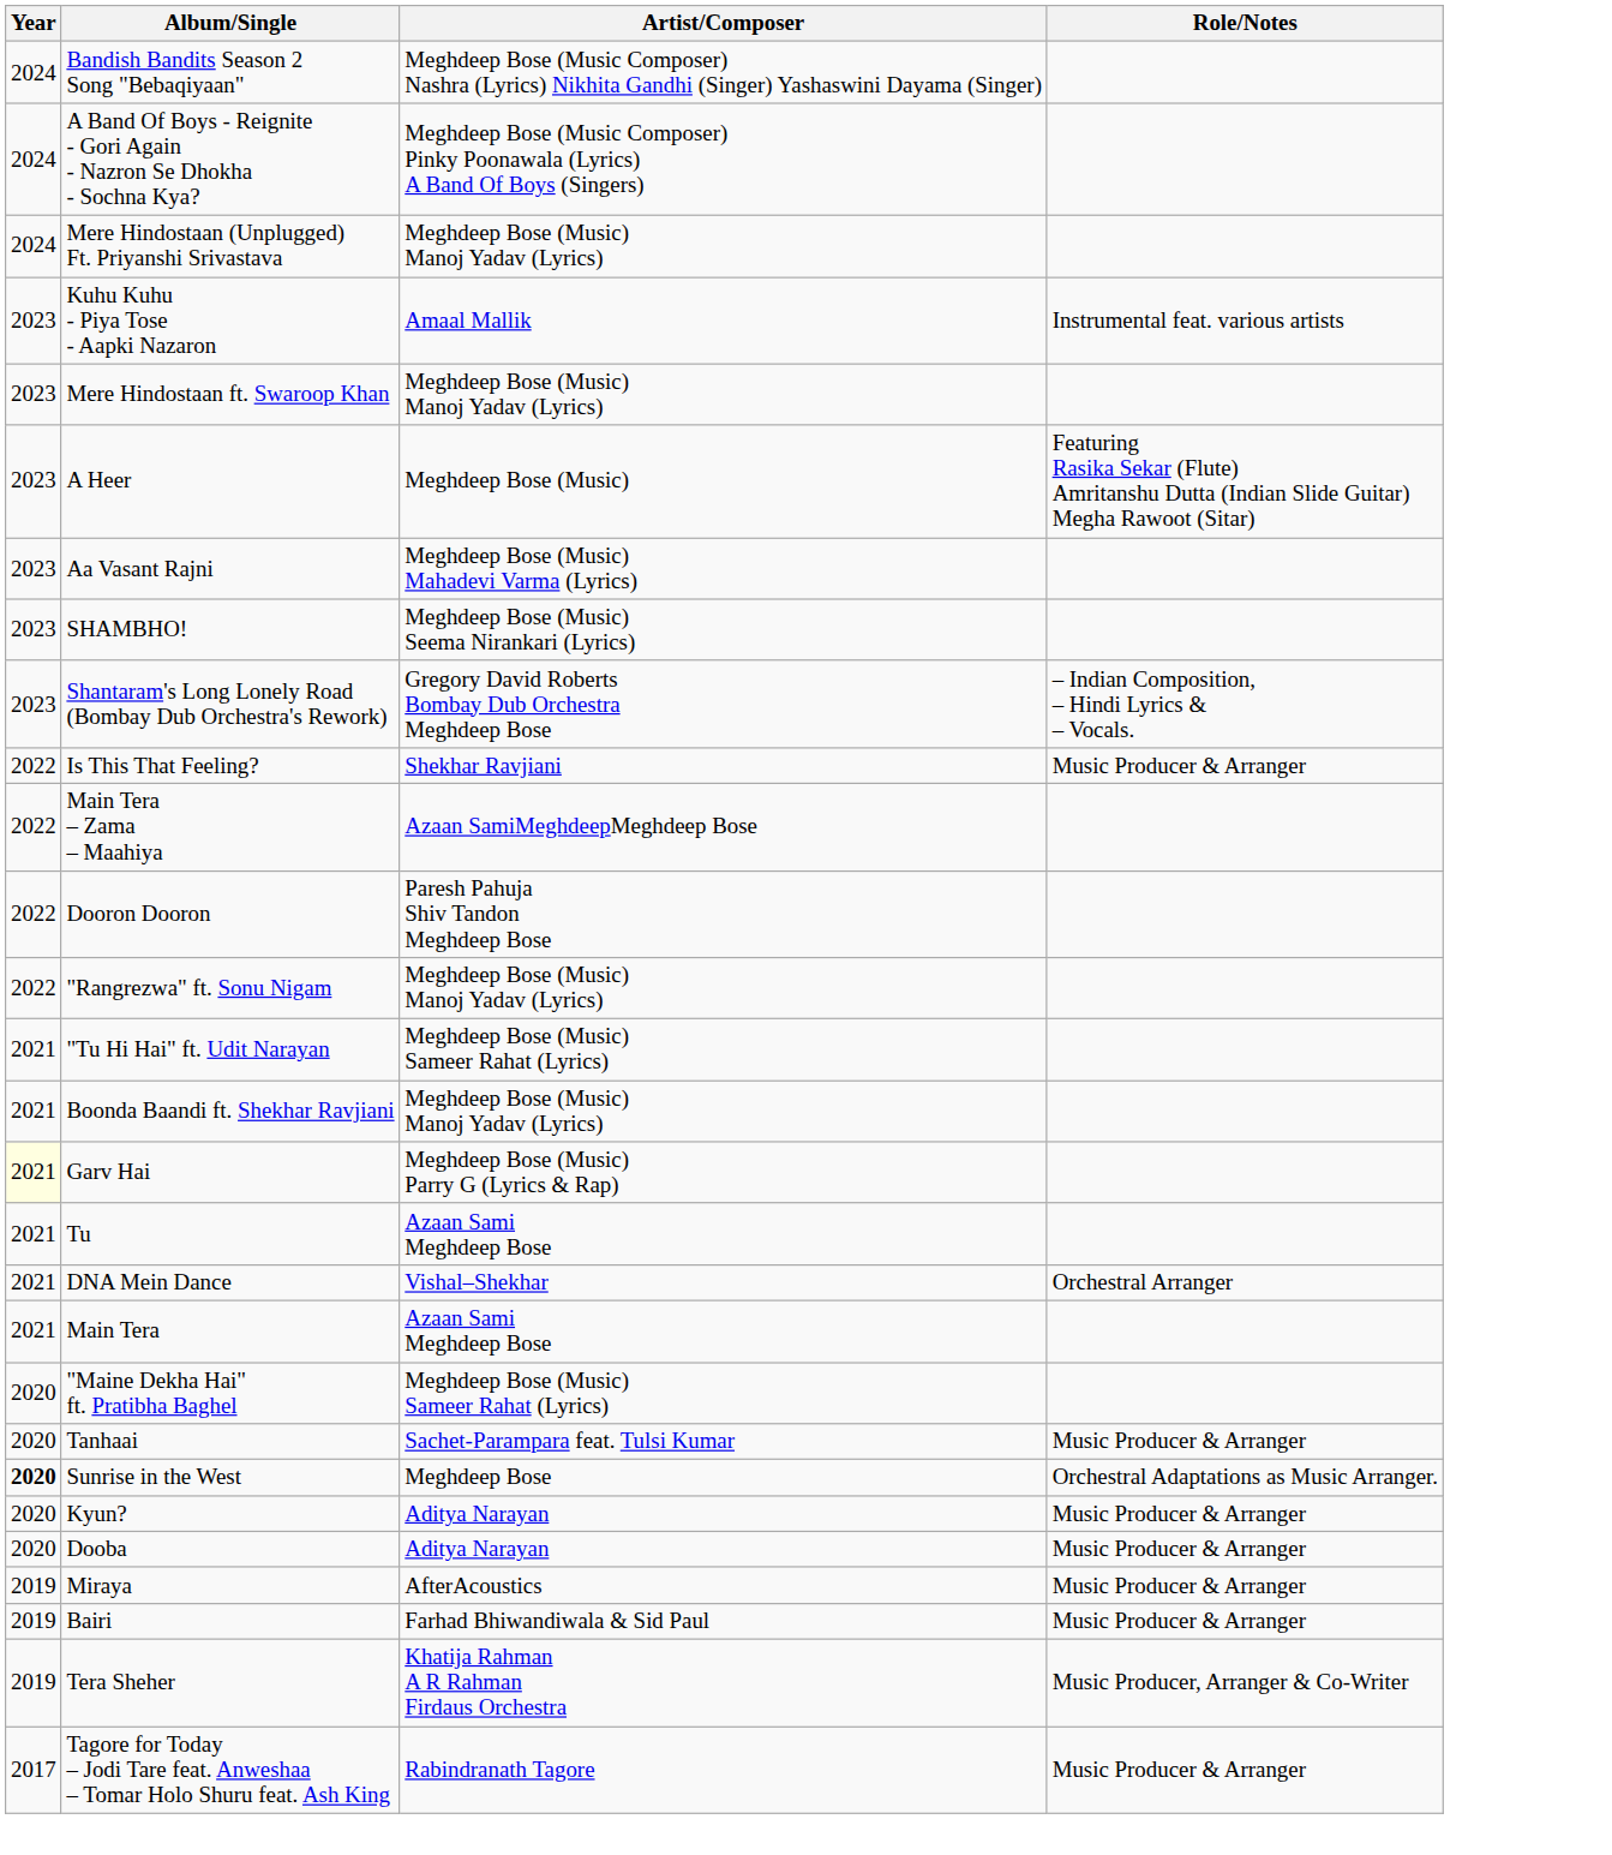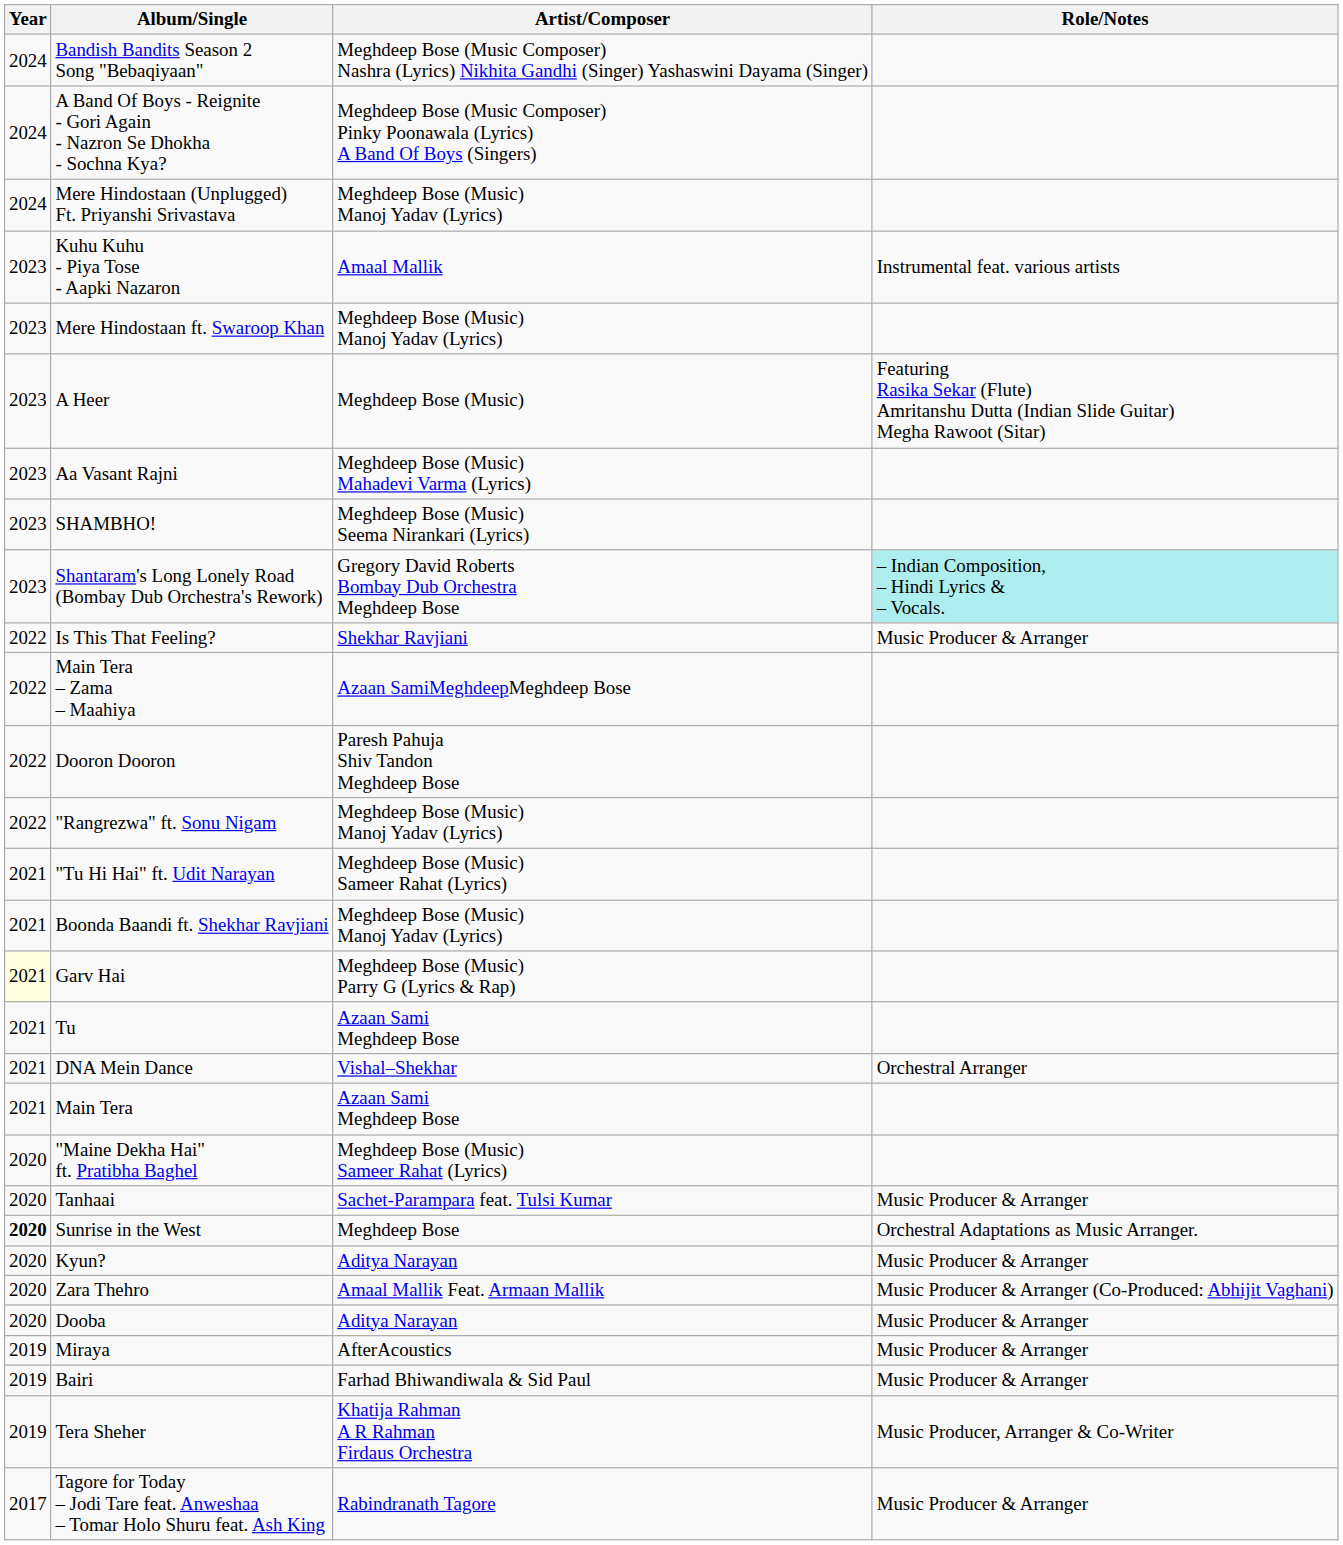 <table class="wikitable">
 <tr>
 <th>Year</th>
 <th>Album/Single</th>
 <th>Artist/Composer</th>
 <th>Role/Notes</th>
 </tr>
 <tr>
 <td>2024</td>
 <td><a href='#'>Bandish Bandits</a> Season 2<br>Song "Bebaqiyaan"</td>
 <td>Meghdeep Bose (Music Composer)<br>Nashra (Lyrics) <a href='#'>Nikhita Gandhi</a> (Singer) Yashaswini Dayama (Singer)</td>
 <td></td>
 </tr>
 <tr>
 <td>2024</td>
 <td>A Band Of Boys - Reignite<br>- Gori Again<br>- Nazron Se Dhokha<br>- Sochna Kya?</td>
 <td>Meghdeep Bose (Music Composer)<br>Pinky Poonawala (Lyrics)<br><a href='#'>A Band Of Boys</a> (Singers)</td>
 <td></td>
 </tr>
 <tr>
 <td>2024</td>
 <td>Mere Hindostaan (Unplugged)<br>Ft. Priyanshi Srivastava</td>
 <td>Meghdeep Bose (Music)<br>Manoj Yadav (Lyrics)</td>
 <td></td>
 </tr>
 <tr>
 <td>2023</td>
 <td>Kuhu Kuhu<br>- Piya Tose<br>- Aapki Nazaron</td>
 <td><a href='#'>Amaal Mallik</a></td>
 <td>Instrumental feat. various artists</td>
 </tr>
 <tr>
 <td>2023</td>
 <td>Mere Hindostaan ft. <a href='#'>Swaroop Khan</a></td>
 <td>Meghdeep Bose (Music)<br>Manoj Yadav (Lyrics)</td>
 <td></td>
 </tr>
 <tr>
 <td>2023</td>
 <td>A Heer</td>
 <td>Meghdeep Bose (Music)</td>
 <td>Featuring<br><a href='#'>Rasika Sekar</a> (Flute)<br>Amritanshu Dutta (Indian Slide Guitar)<br>Megha Rawoot (Sitar)</td>
 </tr>
 <tr>
 <td>2023</td>
 <td>Aa Vasant Rajni</td>
 <td>Meghdeep Bose (Music)<br><a href='#'>Mahadevi Varma</a> (Lyrics)</td>
 <td></td>
 </tr>
 <tr>
 <td>2023</td>
 <td>SHAMBHO!</td>
 <td>Meghdeep Bose (Music)<br>Seema Nirankari (Lyrics)</td>
 <td></td>
 </tr>
 <tr>
 <td>2023</td>
 <td><a href='#'>Shantaram</a>'s Long Lonely Road<br>(Bombay Dub Orchestra's Rework)</td>
 <td>Gregory David Roberts<br><a href='#'>Bombay Dub Orchestra</a><br>Meghdeep Bose</td>
-<td>– Indian Composition,<br>– Hindi Lyrics &<br>– Vocals.</td>
+<td style="background: paleturquoise;">– Indian Composition,<br>– Hindi Lyrics &<br>– Vocals.</td>
 </tr>
 <tr>
 <td>2022</td>
 <td>Is This That Feeling?</td>
 <td><a href='#'>Shekhar Ravjiani</a></td>
 <td>Music Producer & Arranger</td>
 </tr>
 <tr>
 <td>2022</td>
 <td>Main Tera<br>– Zama<br>– Maahiya</td>
 <td><a href='#'>Azaan SamiMeghdeep</a>Meghdeep Bose</td>
 <td></td>
 </tr>
 <tr>
 <td>2022</td>
 <td>Dooron Dooron</td>
 <td>Paresh Pahuja<br>Shiv Tandon<br>Meghdeep Bose</td>
 <td></td>
 </tr>
 <tr>
 <td>2022</td>
 <td>"Rangrezwa" ft. <a href='#'>Sonu Nigam</a></td>
 <td>Meghdeep Bose (Music)<br>Manoj Yadav (Lyrics)</td>
 <td></td>
 </tr>
 <tr>
 <td>2021</td>
 <td>"Tu Hi Hai" ft. <a href='#'>Udit Narayan</a></td>
 <td>Meghdeep Bose (Music)<br>Sameer Rahat (Lyrics)</td>
 <td></td>
 </tr>
 <tr>
 <td>2021</td>
 <td>Boonda Baandi ft. <a href='#'>Shekhar Ravjiani</a></td>
 <td>Meghdeep Bose (Music)<br>Manoj Yadav (Lyrics)</td>
 <td></td>
 </tr>
 <tr>
 <td style="background: lightyellow;">2021</td>
 <td>Garv Hai</td>
 <td>Meghdeep Bose (Music)<br>Parry G (Lyrics & Rap)</td>
 <td></td>
 </tr>
 <tr>
 <td>2021</td>
 <td>Tu</td>
 <td><a href='#'>Azaan Sami</a><br>Meghdeep Bose</td>
 <td></td>
 </tr>
 <tr>
 <td>2021</td>
 <td>DNA Mein Dance</td>
 <td><a href='#'>Vishal–Shekhar</a></td>
 <td>Orchestral Arranger</td>
 </tr>
 <tr>
 <td>2021</td>
 <td>Main Tera</td>
 <td><a href='#'>Azaan Sami</a><br>Meghdeep Bose</td>
 <td></td>
 </tr>
 <tr>
 <td>2020</td>
 <td>"Maine Dekha Hai"<br>ft. <a href='#'>Pratibha Baghel</a></td>
 <td>Meghdeep Bose (Music)<br><a href='#'>Sameer Rahat</a> (Lyrics)</td>
 <td></td>
 </tr>
 <tr>
 <td>2020</td>
 <td>Tanhaai</td>
 <td><a href='#'>Sachet-Parampara</a> feat. <a href='#'>Tulsi Kumar</a></td>
 <td>Music Producer & Arranger</td>
 </tr>
 <tr>
 <td><strong>2020</strong></td>
 <td>Sunrise in the West</td>
 <td>Meghdeep Bose</td>
 <td>Orchestral Adaptations as Music Arranger.</td>
 </tr>
 <tr>
 <td>2020</td>
 <td>Kyun?</td>
 <td><a href='#'>Aditya Narayan</a></td>
 <td>Music Producer & Arranger</td>
 </tr>
 <tr>
 <td>2020</td>
+<td>Zara Thehro</td>
+<td><a href='#'>Amaal Mallik</a> Feat. <a href='#'>Armaan Mallik</a></td>
+<td>Music Producer & Arranger (Co-Produced: <a href='#'>Abhijit Vaghani</a>)</td>
+</tr>
+<tr>
+<td>2020</td>
 <td>Dooba</td>
 <td><a href='#'>Aditya Narayan</a></td>
 <td>Music Producer & Arranger</td>
 </tr>
 <tr>
 <td>2019</td>
 <td>Miraya</td>
 <td>AfterAcoustics</td>
 <td>Music Producer & Arranger</td>
 </tr>
 <tr>
 <td>2019</td>
 <td>Bairi</td>
 <td>Farhad Bhiwandiwala & Sid Paul</td>
 <td>Music Producer & Arranger</td>
 </tr>
 <tr>
 <td>2019</td>
 <td>Tera Sheher</td>
 <td><a href='#'>Khatija Rahman</a><br><a href='#'>A R Rahman</a><br><a href='#'>Firdaus Orchestra</a></td>
 <td>Music Producer, Arranger & Co-Writer</td>
 </tr>
 <tr>
 <td>2017</td>
 <td>Tagore for Today<br>– Jodi Tare feat. <a href='#'>Anweshaa</a><br>– Tomar Holo Shuru feat. <a href='#'>Ash King</a></td>
 <td><a href='#'>Rabindranath Tagore</a></td>
 <td>Music Producer & Arranger</td>
 </tr>
 </table>
